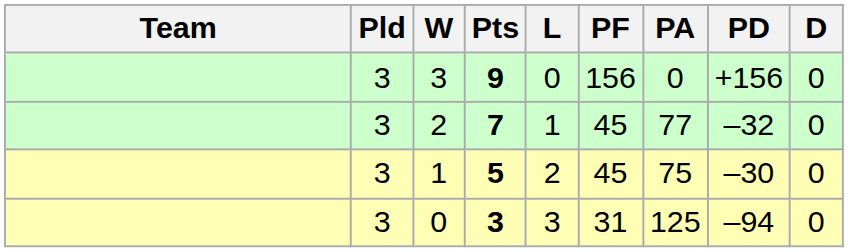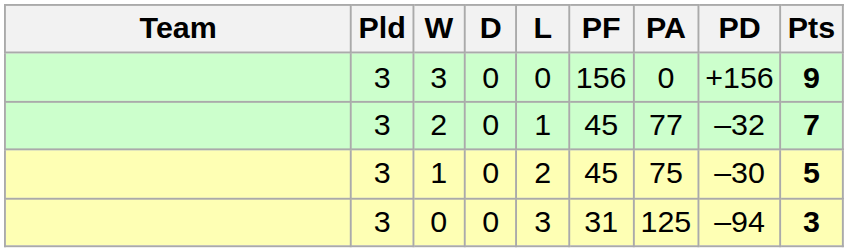 <table class="wikitable" style="text-align:center;">
 <tr>
 <th width=175>Team</th>
 <th width=20 abbr="Played">Pld</th>
 <th width=20 abbr="Won">W</th>
-<th width=20 abbr="Points">Pts</th>
+<th width=20 abbr="Drawn">D</th>
 <th width=20 abbr="Lost">L</th>
 <th width=20 abbr="Points for">PF</th>
 <th width=20 abbr="Points against">PA</th>
 <th width=25 abbr="Points difference">PD</th>
-<th width=20 abbr="Drawn">D</th>
+<th width=20 abbr="Points">Pts</th>
 </tr>
 <tr bgcolor=ccffcc>
 <td align=left></td>
 <td>3</td>
 <td>3</td>
-<td><strong>9</strong></td>
+<td>0</td>
 <td>0</td>
 <td>156</td>
 <td>0</td>
 <td>+156</td>
-<td>0</td>
+<td><strong>9</strong></td>
 </tr>
 <tr bgcolor=ccffcc>
 <td align=left></td>
 <td>3</td>
 <td>2</td>
-<td><strong>7</strong></td>
+<td>0</td>
 <td>1</td>
 <td>45</td>
 <td>77</td>
 <td>–32</td>
-<td>0</td>
+<td><strong>7</strong></td>
 </tr>
 <tr bgcolor=feffb4>
 <td align=left></td>
 <td>3</td>
 <td>1</td>
-<td><strong>5</strong></td>
+<td>0</td>
 <td>2</td>
 <td>45</td>
 <td>75</td>
 <td>–30</td>
-<td>0</td>
+<td><strong>5</strong></td>
 </tr>
 <tr bgcolor=feffb4>
 <td align=left></td>
 <td>3</td>
 <td>0</td>
-<td><strong>3</strong></td>
+<td>0</td>
 <td>3</td>
 <td>31</td>
 <td>125</td>
 <td>–94</td>
-<td>0</td>
+<td><strong>3</strong></td>
 </tr>
 </table>
